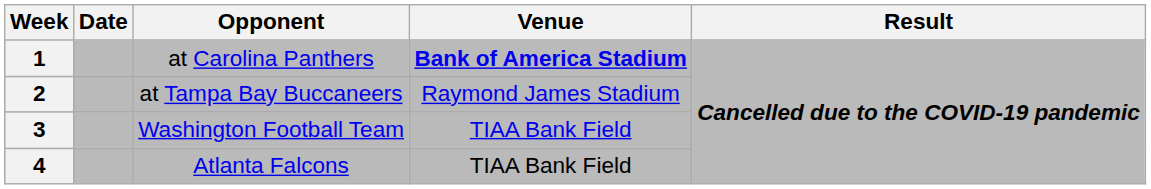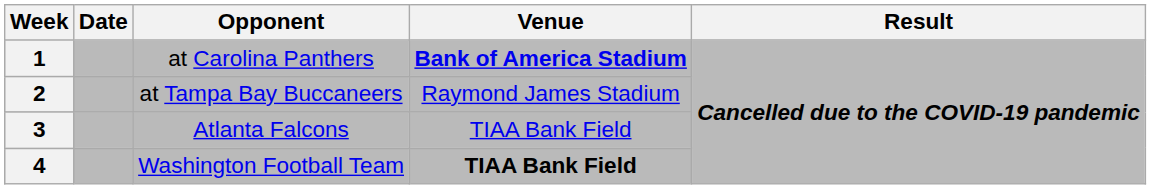 <table class="wikitable" style="text-align:center">
 <tr>
 <th>Week</th>
 <th>Date</th>
 <th>Opponent</th>
 <th>Venue</th>
 <th>Result</th>
 </tr>
 <tr style="background:#bababa">
 <th>1</th>
 <td></td>
 <td>at <a href='#'>Carolina Panthers</a></td>
 <td><strong><a href='#'>Bank of America Stadium</a></strong></td>
 <td rowspan=4><strong><em>Cancelled due to the COVID-19 pandemic</em></strong></td>
 </tr>
 <tr style="background:#bababa">
 <th>2</th>
 <td></td>
 <td>at <a href='#'>Tampa Bay Buccaneers</a></td>
 <td><a href='#'>Raymond James Stadium</a></td>
 </tr>
 <tr style="background:#bababa">
 <th>3</th>
 <td></td>
-<td><a href='#'>Washington Football Team</a></td>
+<td><a href='#'>Atlanta Falcons</a></td>
 <td><a href='#'>TIAA Bank Field</a></td>
 </tr>
 <tr style="background:#bababa">
 <th>4</th>
 <td></td>
-<td><a href='#'>Atlanta Falcons</a></td>
-<td>TIAA Bank Field</td>
+<td><a href='#'>Washington Football Team</a></td>
+<td><strong>TIAA Bank Field</strong></td>
 </tr>
 </table>
